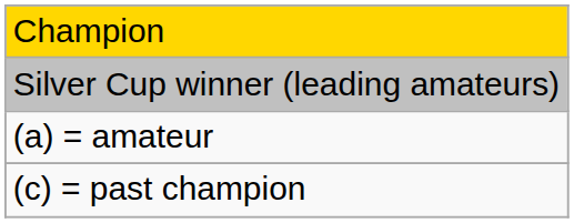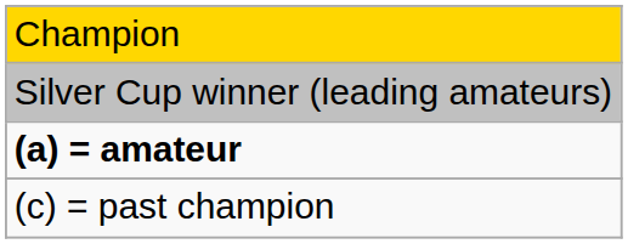 <table class="wikitable">
 <tr style="background:gold">
 <td>Champion</td>
 </tr>
 <tr style="background:silver">
 <td>Silver Cup winner (leading amateurs)</td>
 </tr>
 <tr>
-<td>(a) = amateur</td>
+<td><strong>(a) = amateur</strong></td>
 </tr>
 <tr>
 <td>(c) = past champion</td>
 </tr>
 </table>
